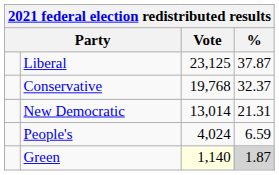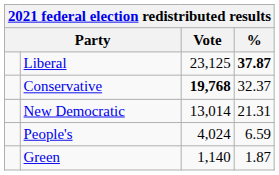 <table class="wikitable">
 <tr>
 <th colspan="4"><a href='#'>2021 federal election</a> redistributed results</th>
 </tr>
 <tr>
 <th bgcolor="#DDDDFF" width="130px" colspan="2">Party</th>
 <th bgcolor="#DDDDFF" width="50px">Vote</th>
 <th bgcolor="#DDDDFF" width="30px">%</th>
 </tr>
 <tr>
 <td> </td>
 <td><a href='#'>Liberal</a></td>
 <td align=right>23,125</td>
-<td align=right>37.87</td>
+<td align=right><strong>37.87</strong></td>
 </tr>
 <tr>
 <td> </td>
 <td><a href='#'>Conservative</a></td>
-<td align=right>19,768</td>
+<td align=right><strong>19,768</strong></td>
 <td align=right>32.37</td>
 </tr>
 <tr>
 <td> </td>
 <td><a href='#'>New Democratic</a></td>
 <td align=right>13,014</td>
 <td align=right>21.31</td>
 </tr>
 <tr>
 <td> </td>
 <td><a href='#'>People's</a></td>
 <td align=right>4,024</td>
 <td align=right>6.59</td>
 </tr>
 <tr>
 <td> </td>
 <td><a href='#'>Green</a></td>
-<td align=right style="background: lightyellow;">1,140</td>
-<td align=right style="background: lightgrey;">1.87</td>
+<td align=right>1,140</td>
+<td align=right>1.87</td>
 </tr>
 </table>
